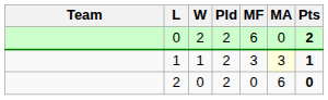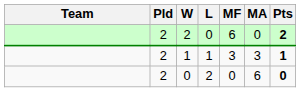 <table class=wikitable style="text-align:center">
 <tr>
 <th width=175>Team</th>
+<th width=20>Pld</th>
+<th width=20>W</th>
 <th width=20>L</th>
-<th width=20>W</th>
-<th width=20>Pld</th>
 <th width=20>MF</th>
 <th width=20>MA</th>
 <th width=20>Pts</th>
 </tr>
 <tr bgcolor=ccffcc style="border-bottom:2px solid green;">
 <td style="text-align:left"></td>
-<td>0</td>
 <td>2</td>
 <td>2</td>
+<td>0</td>
 <td>6</td>
 <td>0</td>
 <td><strong>2</strong></td>
 </tr>
 <tr>
 <td style="text-align:left"></td>
+<td>2</td>
 <td>1</td>
 <td>1</td>
-<td>2</td>
 <td>3</td>
-<td style="background: lightyellow;">3</td>
+<td>3</td>
 <td><strong>1</strong></td>
 </tr>
 <tr>
 <td style="text-align:left"></td>
 <td>2</td>
 <td>0</td>
 <td>2</td>
 <td>0</td>
 <td>6</td>
 <td><strong>0</strong></td>
 </tr>
 </table>
